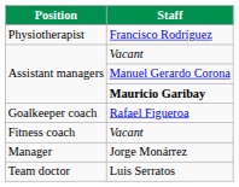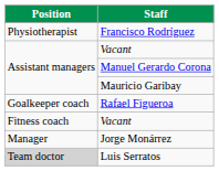 <table class="wikitable">
 <tr>
 <th style=background-color:#009150;color:white>Position</th>
 <th style=background-color:#009150;color:white>Staff</th>
 </tr>
 <tr>
 </tr>
 <tr>
 <td>Physiotherapist</td>
 <td> <a href='#'>Francisco Rodríguez</a></td>
 </tr>
 <tr>
 <td rowspan="3">Assistant managers</td>
 <td><em>Vacant</em></td>
 </tr>
 <tr>
 <td> <a href='#'>Manuel Gerardo Corona</a></td>
 </tr>
 <tr>
-<td><strong> Mauricio Garibay</strong></td>
+<td> Mauricio Garibay</td>
 </tr>
 <tr>
 <td>Goalkeeper coach</td>
 <td> <a href='#'>Rafael Figueroa</a></td>
 </tr>
 <tr>
 <td>Fitness coach</td>
 <td><em>Vacant</em></td>
 </tr>
 <tr>
 <td>Manager</td>
 <td> Jorge Monárrez</td>
 </tr>
 <tr>
-<td>Team doctor</td>
+<td style="background: lightgrey;">Team doctor</td>
 <td> Luis Serratos</td>
 </tr>
 </table>
